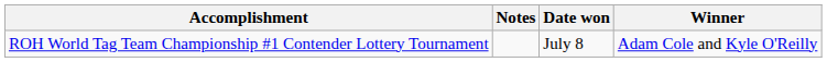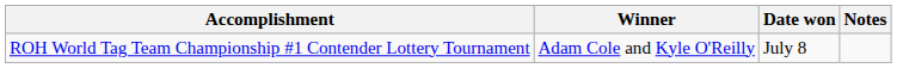 <table class="wikitable">
 <tr>
 <th>Accomplishment</th>
+<th>Winner</th>
+<th>Date won</th>
 <th>Notes</th>
-<th>Date won</th>
-<th>Winner</th>
 </tr>
 <tr>
 <td><a href='#'>ROH World Tag Team Championship #1 Contender Lottery Tournament</a></td>
+<td><a href='#'>Adam Cole</a> and <a href='#'>Kyle O'Reilly</a></td>
+<td>July 8</td>
 <td></td>
-<td>July 8</td>
-<td><a href='#'>Adam Cole</a> and <a href='#'>Kyle O'Reilly</a></td>
 </tr>
 </table>
